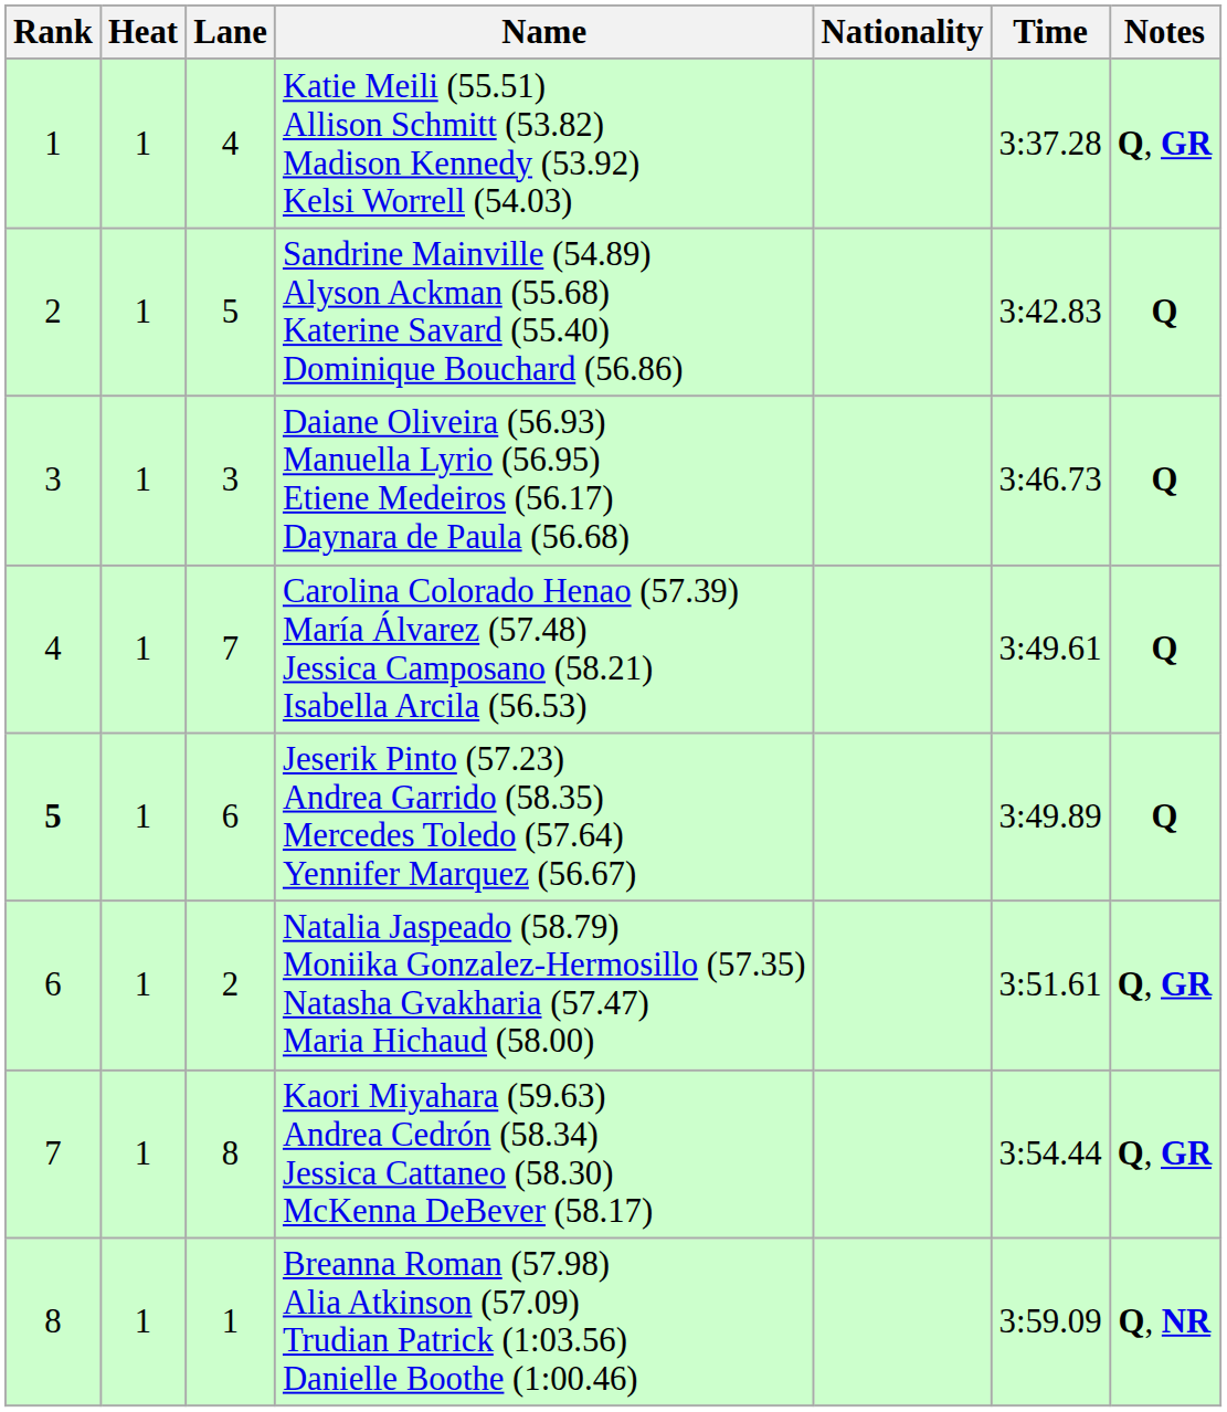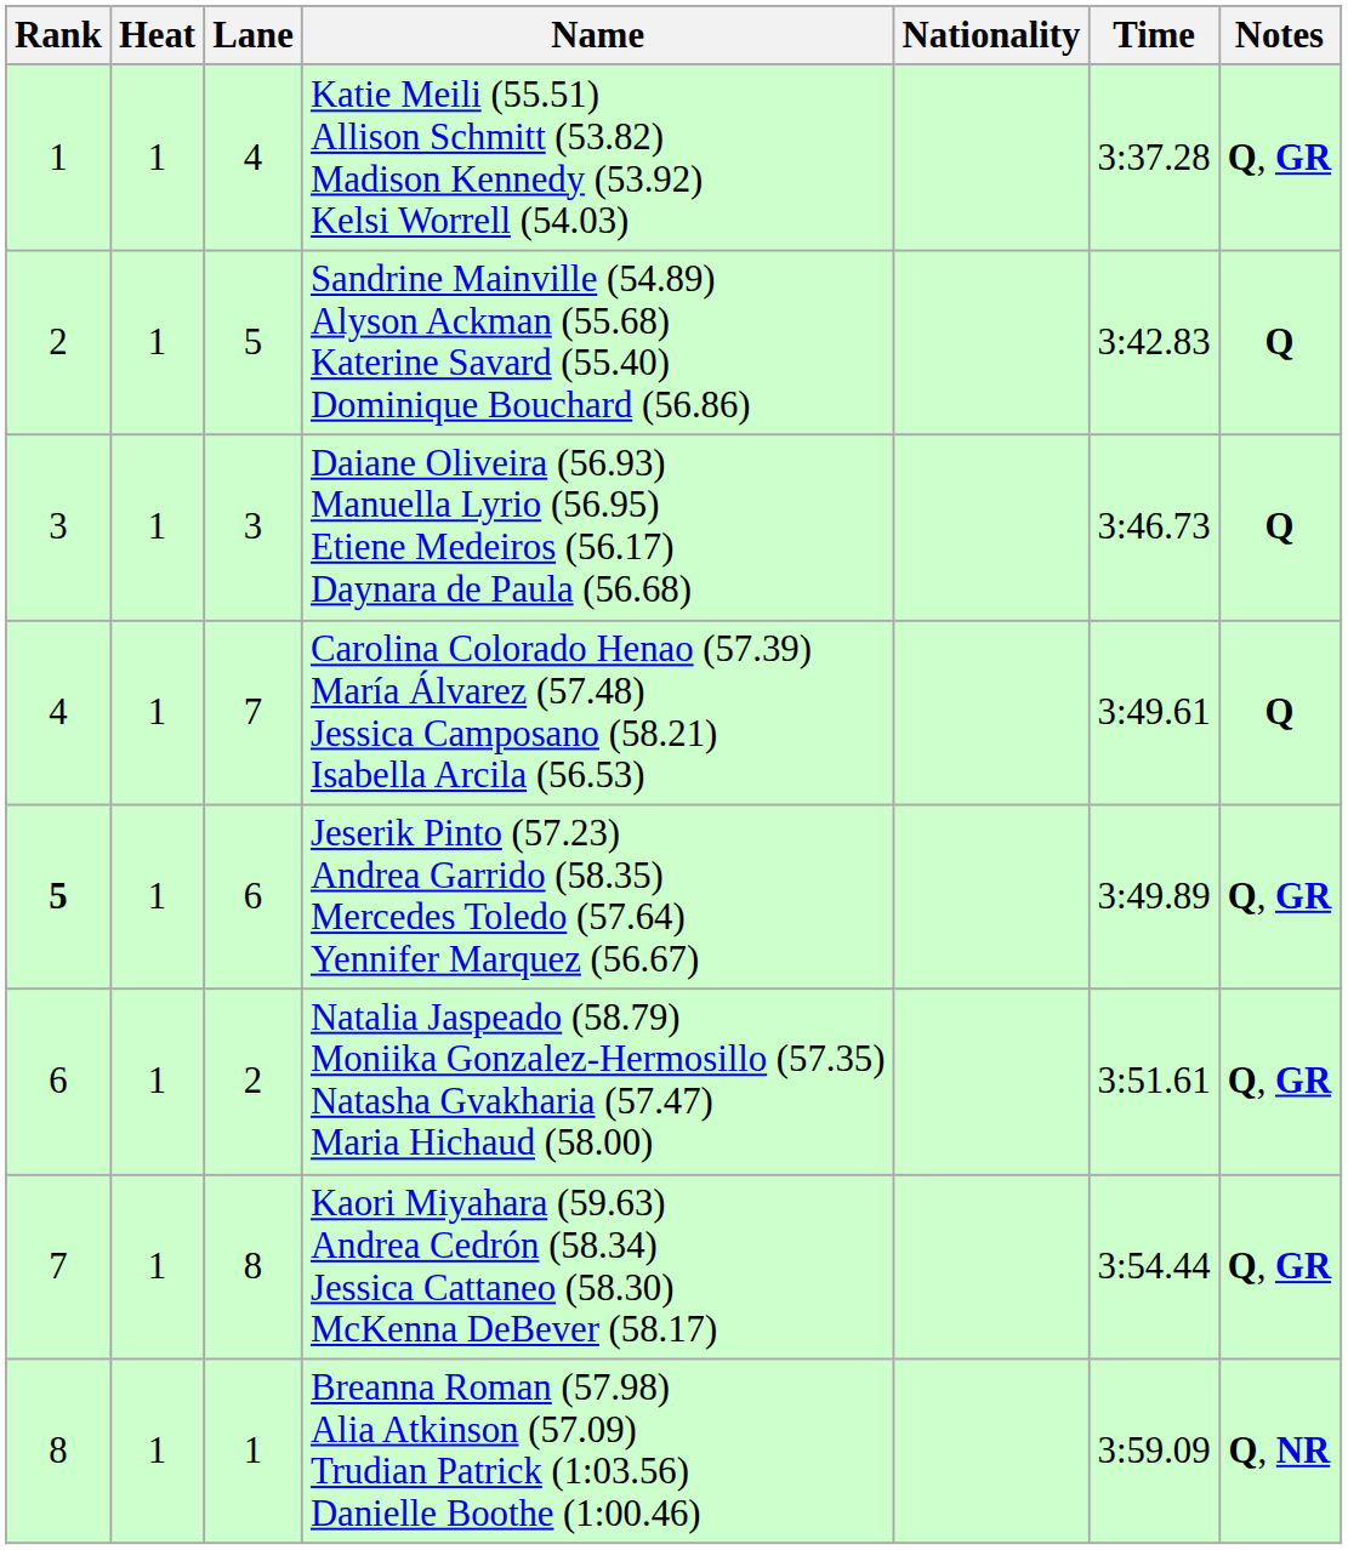 <table class="wikitable sortable" style="text-align:center">
 <tr>
 <th>Rank</th>
 <th>Heat</th>
 <th>Lane</th>
 <th>Name</th>
 <th>Nationality</th>
 <th>Time</th>
 <th>Notes</th>
 </tr>
 <tr bgcolor=ccffcc>
 <td>1</td>
 <td>1</td>
 <td>4</td>
 <td align=left><a href='#'>Katie Meili</a> (55.51)<br><a href='#'>Allison Schmitt</a> (53.82)<br><a href='#'>Madison Kennedy</a> (53.92)<br><a href='#'>Kelsi Worrell</a> (54.03)</td>
 <td align=left></td>
 <td>3:37.28</td>
 <td><strong>Q</strong>, <strong><a href='#'>GR</a></strong></td>
 </tr>
 <tr bgcolor=ccffcc>
 <td>2</td>
 <td>1</td>
 <td>5</td>
 <td align=left><a href='#'>Sandrine Mainville</a> (54.89)<br><a href='#'>Alyson Ackman</a> (55.68)<br><a href='#'>Katerine Savard</a> (55.40)<br><a href='#'>Dominique Bouchard</a> (56.86)</td>
 <td align=left></td>
 <td>3:42.83</td>
 <td><strong>Q</strong></td>
 </tr>
 <tr bgcolor=ccffcc>
 <td>3</td>
 <td>1</td>
 <td>3</td>
 <td align=left><a href='#'>Daiane Oliveira</a> (56.93)<br><a href='#'>Manuella Lyrio</a> (56.95)<br><a href='#'>Etiene Medeiros</a> (56.17)<br><a href='#'>Daynara de Paula</a> (56.68)</td>
 <td align=left></td>
 <td>3:46.73</td>
 <td><strong>Q</strong></td>
 </tr>
 <tr bgcolor=ccffcc>
 <td>4</td>
 <td>1</td>
 <td>7</td>
 <td align=left><a href='#'>Carolina Colorado Henao</a> (57.39)<br><a href='#'>María Álvarez</a> (57.48)<br><a href='#'>Jessica Camposano</a> (58.21)<br><a href='#'>Isabella Arcila</a> (56.53)</td>
 <td align=left></td>
 <td>3:49.61</td>
 <td><strong>Q</strong></td>
 </tr>
 <tr bgcolor=ccffcc>
 <td><strong>5</strong></td>
 <td>1</td>
 <td>6</td>
 <td align=left><a href='#'>Jeserik Pinto</a> (57.23)<br><a href='#'>Andrea Garrido</a> (58.35)<br><a href='#'>Mercedes Toledo</a> (57.64)<br><a href='#'>Yennifer Marquez</a> (56.67)</td>
 <td align=left></td>
 <td>3:49.89</td>
-<td><strong>Q</strong></td>
+<td><strong>Q</strong>, <strong><a href='#'>GR</a></strong></td>
 </tr>
 <tr bgcolor=ccffcc>
 <td>6</td>
 <td>1</td>
 <td>2</td>
 <td align=left><a href='#'>Natalia Jaspeado</a> (58.79)<br><a href='#'>Moniika Gonzalez-Hermosillo</a> (57.35)<br><a href='#'>Natasha Gvakharia</a> (57.47)<br><a href='#'>Maria Hichaud</a> (58.00)</td>
 <td align=left></td>
 <td>3:51.61</td>
 <td><strong>Q</strong>, <strong><a href='#'>GR</a></strong></td>
 </tr>
 <tr bgcolor=ccffcc>
 <td>7</td>
 <td>1</td>
 <td>8</td>
 <td align=left><a href='#'>Kaori Miyahara</a> (59.63)<br><a href='#'>Andrea Cedrón</a> (58.34)<br><a href='#'>Jessica Cattaneo</a> (58.30)<br><a href='#'>McKenna DeBever</a> (58.17)</td>
 <td align=left></td>
 <td>3:54.44</td>
 <td><strong>Q</strong>, <strong><a href='#'>GR</a></strong></td>
 </tr>
 <tr bgcolor=ccffcc>
 <td>8</td>
 <td>1</td>
 <td>1</td>
 <td align=left><a href='#'>Breanna Roman</a> (57.98)<br><a href='#'>Alia Atkinson</a> (57.09)<br><a href='#'>Trudian Patrick</a> (1:03.56)<br><a href='#'>Danielle Boothe</a> (1:00.46)</td>
 <td align=left></td>
 <td>3:59.09</td>
 <td><strong>Q</strong>, <strong><a href='#'>NR</a></strong></td>
 </tr>
 </table>
